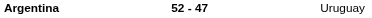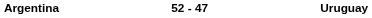 <table width=75% cellspacing=1>
 <tr>
 <th width=25%></th>
 <th width=25%></th>
 <th width=25%></th>
 </tr>
 <tr style=font-size:90%>
 <td align=right><strong>Argentina</strong></td>
 <td align=center><strong>52 - 47</strong></td>
-<td>Uruguay</td>
+<td><strong>Uruguay</strong></td>
 </tr>
 </table>
